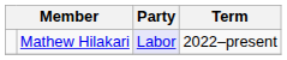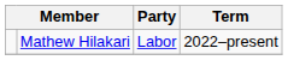 <table class="wikitable">
 <tr>
 <th colspan="2">Member</th>
 <th>Party</th>
 <th>Term</th>
 </tr>
 <tr>
 <td> </td>
 <td><a href='#'>Mathew Hilakari</a></td>
-<td style="background: lavender;"><a href='#'>Labor</a></td>
+<td><a href='#'>Labor</a></td>
 <td>2022–present</td>
 </tr>
 <tr>
 </tr>
 </table>
